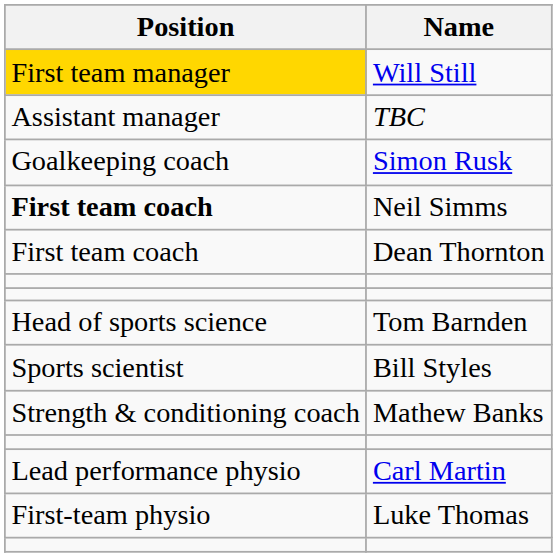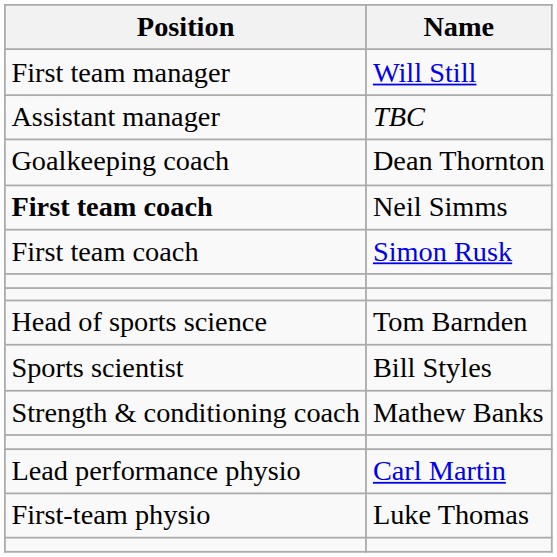 <table class="wikitable">
 <tr>
 <th>Position</th>
 <th>Name</th>
 </tr>
 <tr>
-<td style="background: gold;">First team manager</td>
+<td>First team manager</td>
 <td><a href='#'>Will Still</a></td>
 </tr>
 <tr>
 <td>Assistant manager</td>
 <td><em>TBC</em></td>
 </tr>
 <tr>
 <td>Goalkeeping coach</td>
-<td><a href='#'>Simon Rusk</a></td>
+<td>Dean Thornton</td>
 </tr>
 <tr>
 <td><strong>First team coach</strong></td>
 <td>Neil Simms</td>
 </tr>
 <tr>
 <td>First team coach</td>
-<td>Dean Thornton</td>
+<td><a href='#'>Simon Rusk</a></td>
 </tr>
 <tr>
 <td></td>
 <td></td>
 </tr>
 <tr>
 <td></td>
 <td></td>
 </tr>
 <tr>
 <td>Head of sports science</td>
 <td>Tom Barnden</td>
 </tr>
 <tr>
 <td>Sports scientist</td>
 <td>Bill Styles</td>
 </tr>
 <tr>
 <td>Strength & conditioning coach</td>
 <td>Mathew Banks</td>
 </tr>
 <tr>
 <td></td>
 <td></td>
 </tr>
 <tr>
 <td>Lead performance physio</td>
 <td><a href='#'>Carl Martin</a></td>
 </tr>
 <tr>
 <td>First-team physio</td>
 <td>Luke Thomas</td>
 </tr>
 <tr>
 <td></td>
 <td></td>
 </tr>
 </table>
